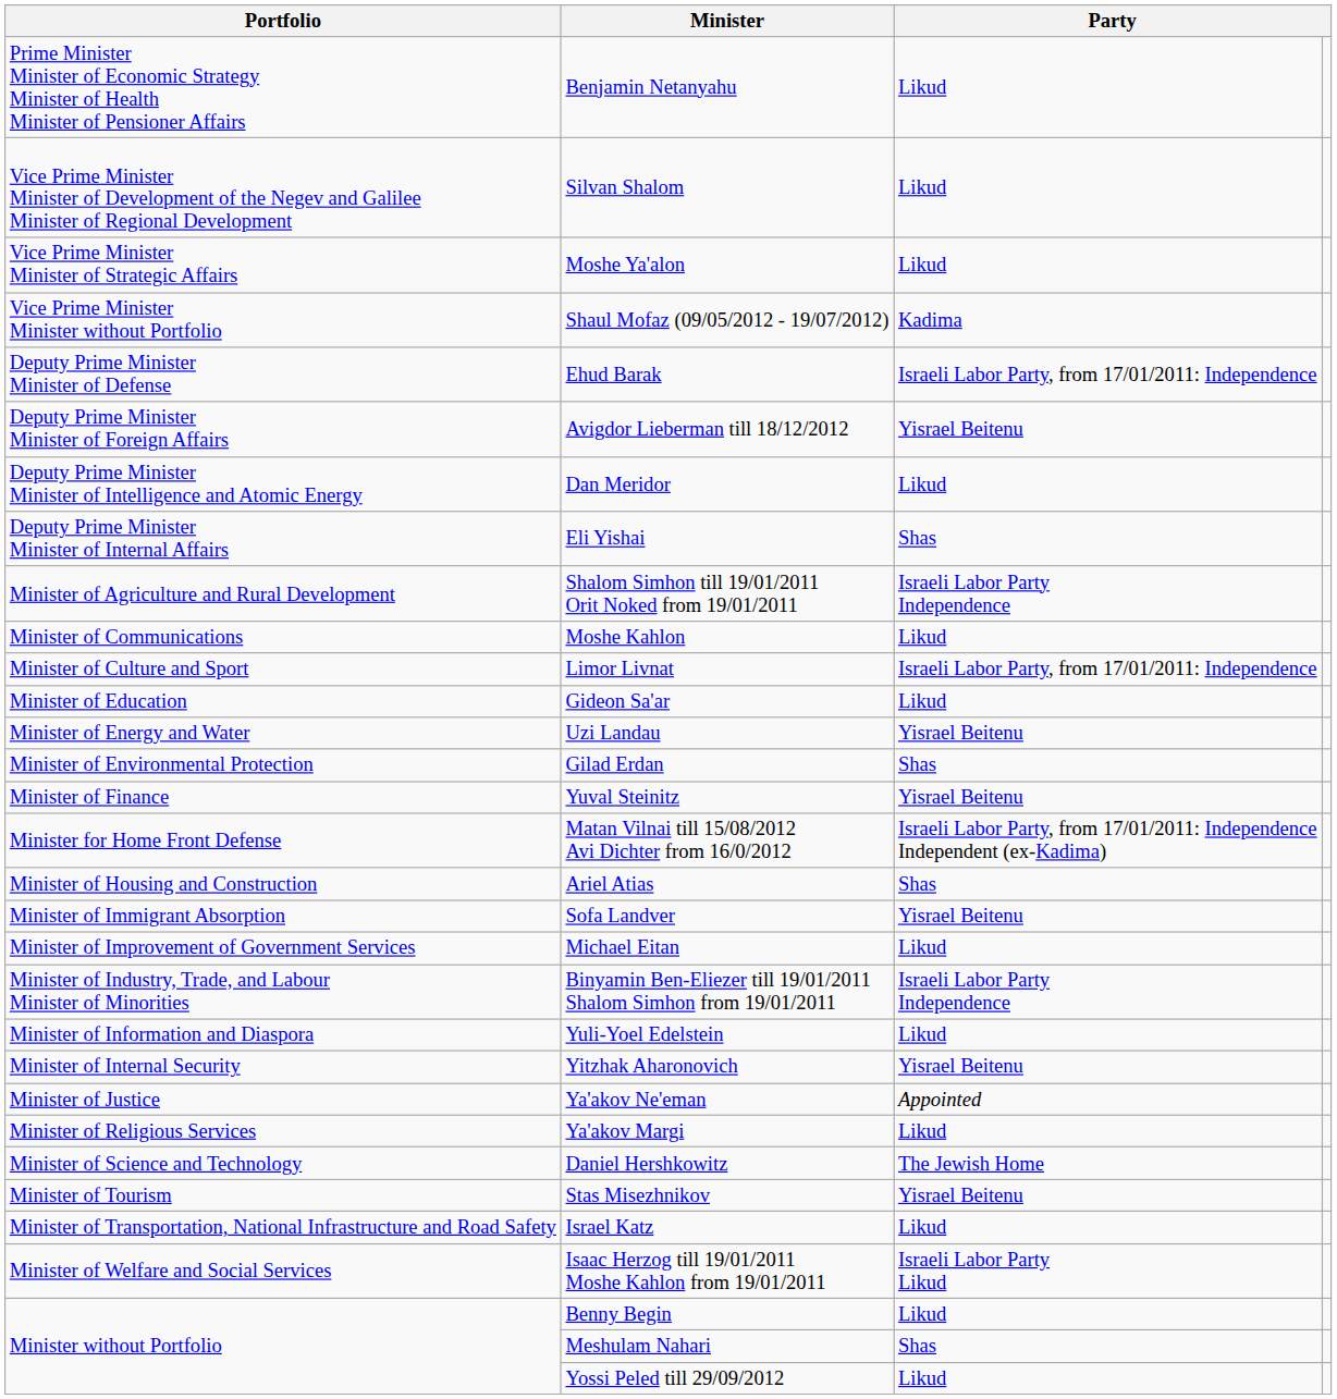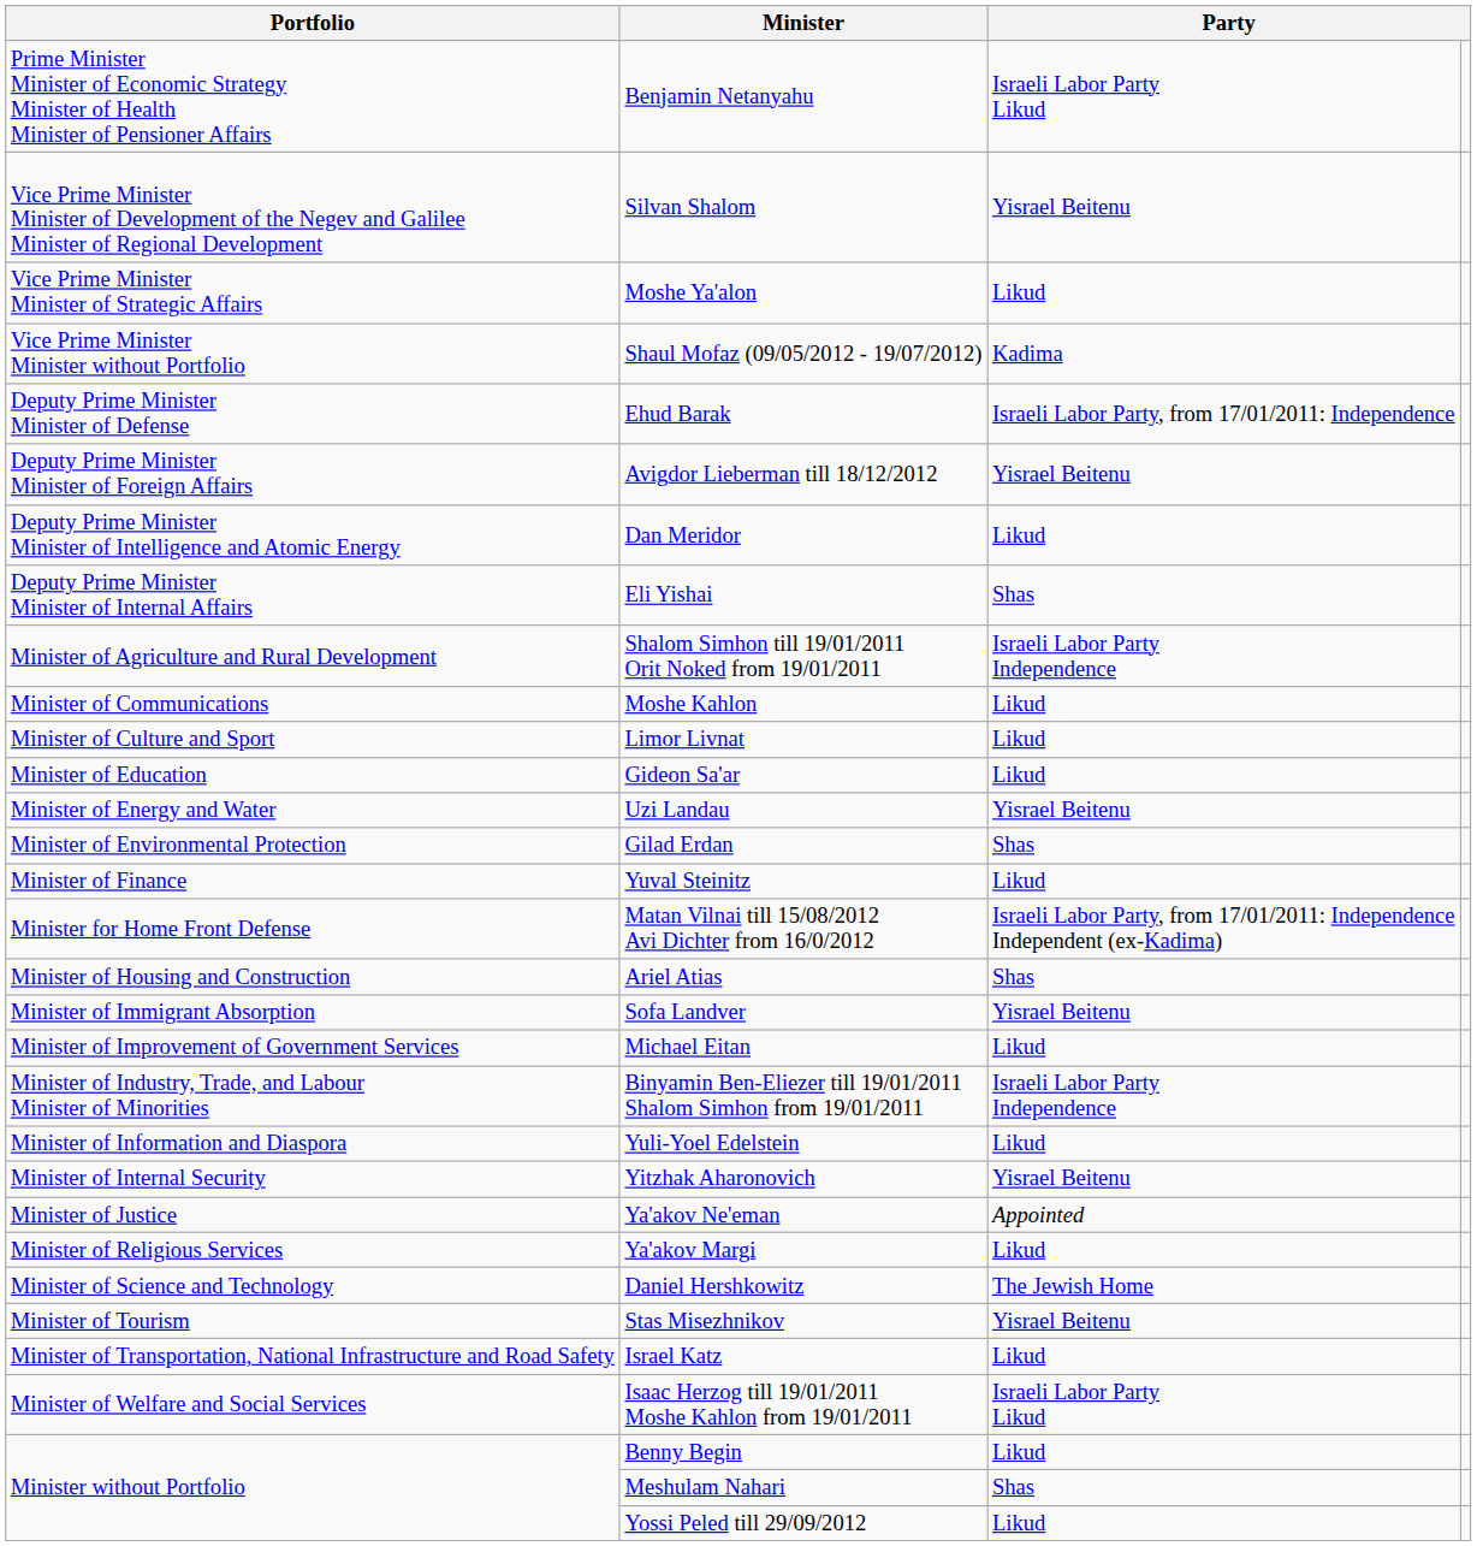 <table class="wikitable">
 <tr>
 <th>Portfolio</th>
 <th>Minister</th>
 <th colspan=2>Party</th>
 </tr>
 <tr>
 <td><a href='#'>Prime Minister</a><br><a href='#'>Minister of Economic Strategy</a><br><a href='#'>Minister of Health</a><br><a href='#'>Minister of Pensioner Affairs</a></td>
 <td><a href='#'>Benjamin Netanyahu</a></td>
-<td><a href='#'>Likud</a></td>
+<td><a href='#'>Israeli Labor Party</a><br><a href='#'>Likud</a></td>
 <td style="background:"></td>
 </tr>
 <tr>
 <td><br><a href='#'>Vice Prime Minister</a><br><a href='#'>Minister of Development of the Negev and Galilee</a><br><a href='#'>Minister of Regional Development</a></td>
 <td><a href='#'>Silvan Shalom</a></td>
-<td><a href='#'>Likud</a></td>
+<td><a href='#'>Yisrael Beitenu</a></td>
 <td style="background:"></td>
 </tr>
 <tr>
 <td><a href='#'>Vice Prime Minister</a><br><a href='#'>Minister of Strategic Affairs</a></td>
 <td><a href='#'>Moshe Ya'alon</a></td>
 <td><a href='#'>Likud</a></td>
 <td style="background:"></td>
 </tr>
 <tr>
 <td><a href='#'>Vice Prime Minister</a><br><a href='#'>Minister without Portfolio</a></td>
 <td><a href='#'>Shaul Mofaz</a> (09/05/2012 - 19/07/2012)</td>
 <td><a href='#'>Kadima</a></td>
 <td style="background:"></td>
 </tr>
 <tr>
 <td><a href='#'>Deputy Prime Minister</a><br><a href='#'>Minister of Defense</a></td>
 <td><a href='#'>Ehud Barak</a></td>
 <td><a href='#'>Israeli Labor Party</a>, from 17/01/2011: <a href='#'>Independence</a></td>
 <td style="background:"></td>
 </tr>
 <tr>
 <td><a href='#'>Deputy Prime Minister</a><br><a href='#'>Minister of Foreign Affairs</a></td>
 <td><a href='#'>Avigdor Lieberman</a> till 18/12/2012</td>
 <td><a href='#'>Yisrael Beitenu</a></td>
 <td style="background:"></td>
 </tr>
 <tr>
 <td><a href='#'>Deputy Prime Minister</a><br><a href='#'>Minister of Intelligence and Atomic Energy</a></td>
 <td><a href='#'>Dan Meridor</a></td>
 <td><a href='#'>Likud</a></td>
 <td style="background:"></td>
 </tr>
 <tr>
 <td><a href='#'>Deputy Prime Minister</a><br><a href='#'>Minister of Internal Affairs</a></td>
 <td><a href='#'>Eli Yishai</a></td>
 <td><a href='#'>Shas</a></td>
 <td style="background:"></td>
 </tr>
 <tr>
 <td><a href='#'>Minister of Agriculture and Rural Development</a></td>
 <td><a href='#'>Shalom Simhon</a> till 19/01/2011<br><a href='#'>Orit Noked</a> from 19/01/2011</td>
 <td><a href='#'>Israeli Labor Party</a><br><a href='#'>Independence</a></td>
 <td style="background:"></td>
 </tr>
 <tr>
 <td><a href='#'>Minister of Communications</a></td>
 <td><a href='#'>Moshe Kahlon</a></td>
 <td><a href='#'>Likud</a></td>
 <td style="background:"></td>
 </tr>
 <tr>
 <td><a href='#'>Minister of Culture and Sport</a></td>
 <td><a href='#'>Limor Livnat</a></td>
-<td><a href='#'>Israeli Labor Party</a>, from 17/01/2011: <a href='#'>Independence</a></td>
+<td><a href='#'>Likud</a></td>
 <td style="background:"></td>
 </tr>
 <tr>
 <td><a href='#'>Minister of Education</a></td>
 <td><a href='#'>Gideon Sa'ar</a></td>
 <td><a href='#'>Likud</a></td>
 <td style="background:"></td>
 </tr>
 <tr>
 <td><a href='#'>Minister of Energy and Water</a></td>
 <td><a href='#'>Uzi Landau</a></td>
 <td><a href='#'>Yisrael Beitenu</a></td>
 <td style="background:"></td>
 </tr>
 <tr>
 <td><a href='#'>Minister of Environmental Protection</a></td>
 <td><a href='#'>Gilad Erdan</a></td>
 <td><a href='#'>Shas</a></td>
 <td style="background:"></td>
 </tr>
 <tr>
 <td><a href='#'>Minister of Finance</a></td>
 <td><a href='#'>Yuval Steinitz</a></td>
-<td><a href='#'>Yisrael Beitenu</a></td>
+<td><a href='#'>Likud</a></td>
 <td style="background:"></td>
 </tr>
 <tr>
 <td><a href='#'>Minister for Home Front Defense</a></td>
 <td><a href='#'>Matan Vilnai</a> till 15/08/2012<br><a href='#'>Avi Dichter</a> from 16/0/2012</td>
 <td><a href='#'>Israeli Labor Party</a>, from 17/01/2011: <a href='#'>Independence</a><br>Independent (ex-<a href='#'>Kadima</a>)</td>
 <td style="background:"></td>
 </tr>
 <tr>
 <td><a href='#'>Minister of Housing and Construction</a></td>
 <td><a href='#'>Ariel Atias</a></td>
 <td><a href='#'>Shas</a></td>
 <td style="background:"></td>
 </tr>
 <tr>
 <td><a href='#'>Minister of Immigrant Absorption</a></td>
 <td><a href='#'>Sofa Landver</a></td>
 <td><a href='#'>Yisrael Beitenu</a></td>
 <td style="background:"></td>
 </tr>
 <tr>
 <td><a href='#'>Minister of Improvement of Government Services</a></td>
 <td><a href='#'>Michael Eitan</a></td>
 <td><a href='#'>Likud</a></td>
 <td style="background:"></td>
 </tr>
 <tr>
 <td><a href='#'>Minister of Industry, Trade, and Labour</a><br><a href='#'>Minister of Minorities</a></td>
 <td><a href='#'>Binyamin Ben-Eliezer</a> till 19/01/2011<br><a href='#'>Shalom Simhon</a> from 19/01/2011</td>
 <td><a href='#'>Israeli Labor Party</a><br><a href='#'>Independence</a></td>
 <td style="background:"></td>
 </tr>
 <tr>
 <td><a href='#'>Minister of Information and Diaspora</a></td>
 <td><a href='#'>Yuli-Yoel Edelstein</a></td>
 <td><a href='#'>Likud</a></td>
 <td style="background:"></td>
 </tr>
 <tr>
 <td><a href='#'>Minister of Internal Security</a></td>
 <td><a href='#'>Yitzhak Aharonovich</a></td>
 <td><a href='#'>Yisrael Beitenu</a></td>
 <td style="background:"></td>
 </tr>
 <tr>
 <td><a href='#'>Minister of Justice</a></td>
 <td><a href='#'>Ya'akov Ne'eman</a></td>
 <td><em>Appointed</em></td>
 </tr>
 <tr>
 <td><a href='#'>Minister of Religious Services</a></td>
 <td><a href='#'>Ya'akov Margi</a></td>
 <td><a href='#'>Likud</a></td>
 <td style="background:"></td>
 </tr>
 <tr>
 <td><a href='#'>Minister of Science and Technology</a></td>
 <td><a href='#'>Daniel Hershkowitz</a></td>
 <td><a href='#'>The Jewish Home</a></td>
 <td style="background:"></td>
 </tr>
 <tr>
 <td><a href='#'>Minister of Tourism</a></td>
 <td><a href='#'>Stas Misezhnikov</a></td>
 <td><a href='#'>Yisrael Beitenu</a></td>
 <td style="background:"></td>
 </tr>
 <tr>
 <td><a href='#'>Minister of Transportation, National Infrastructure and Road Safety</a></td>
 <td><a href='#'>Israel Katz</a></td>
 <td><a href='#'>Likud</a></td>
 <td style="background:"></td>
 </tr>
 <tr>
 <td><a href='#'>Minister of Welfare and Social Services</a></td>
 <td><a href='#'>Isaac Herzog</a> till 19/01/2011<br><a href='#'>Moshe Kahlon</a> from 19/01/2011</td>
 <td><a href='#'>Israeli Labor Party</a><br><a href='#'>Likud</a></td>
 <td style="background:"></td>
 </tr>
 <tr>
 <td rowspan=3><a href='#'>Minister without Portfolio</a></td>
 <td><a href='#'>Benny Begin</a></td>
 <td><a href='#'>Likud</a></td>
 <td style="background:"></td>
 </tr>
 <tr>
 <td><a href='#'>Meshulam Nahari</a></td>
 <td><a href='#'>Shas</a></td>
 <td style="background:"></td>
 </tr>
 <tr>
 <td><a href='#'>Yossi Peled</a> till 29/09/2012</td>
 <td><a href='#'>Likud</a></td>
 <td style="background:"></td>
 </tr>
 </table>
